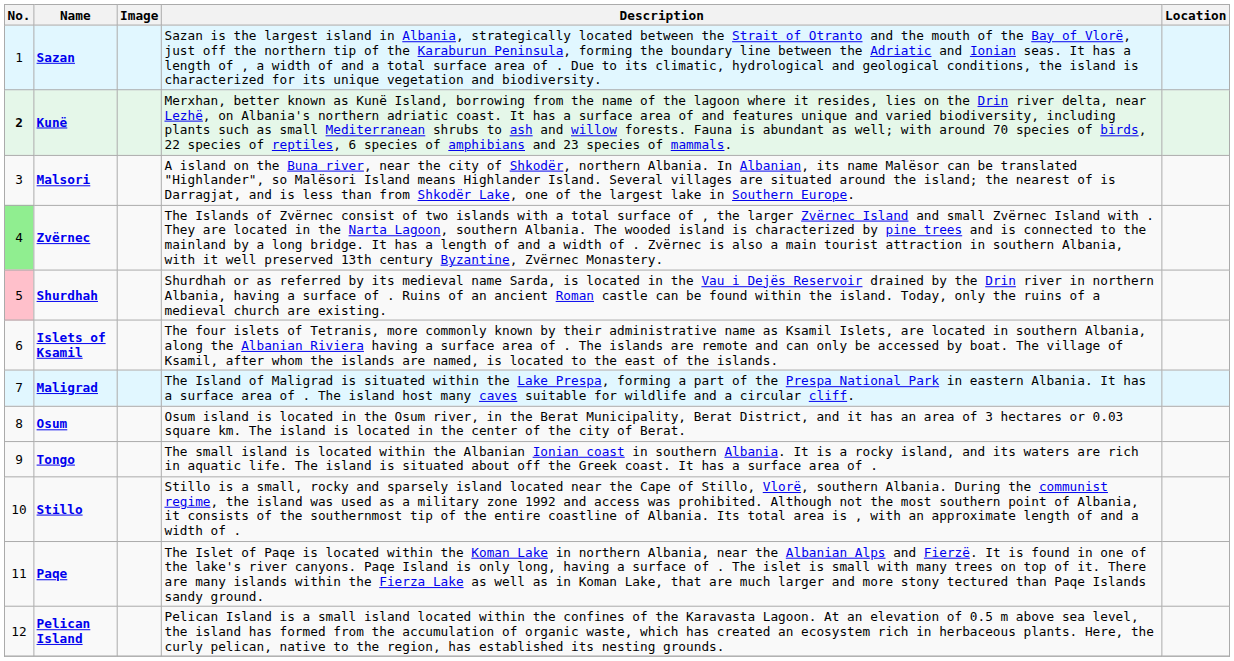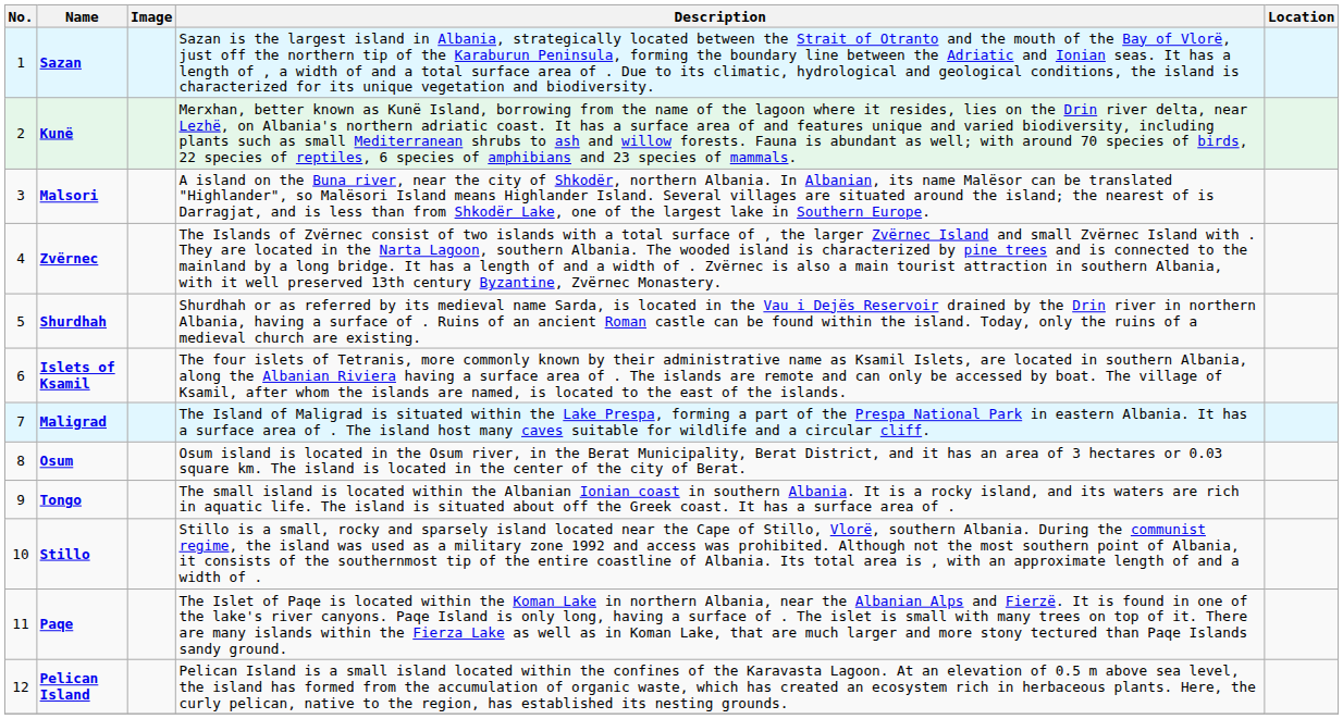 <table class="wikitable sortable">
 <tr>
 <th><strong>No.</strong></th>
 <th><strong>Name</strong></th>
 <th><strong>Image</strong></th>
 <th><strong>Description</strong></th>
 <th><strong>Location</strong></th>
 </tr>
 <tr bgcolor="#e1f7ff">
 <td align="center">1</td>
 <td><strong><a href='#'>Sazan</a></strong></td>
 <td></td>
 <td>Sazan is the largest island in <a href='#'>Albania</a>, strategically located between the <a href='#'>Strait of Otranto</a> and the mouth of the <a href='#'>Bay of Vlorë</a>, just off the northern tip of the <a href='#'>Karaburun Peninsula</a>, forming the boundary line between the <a href='#'>Adriatic</a> and <a href='#'>Ionian</a> seas. It has a length of , a width of  and a total surface area of . Due to its climatic, hydrological and geological conditions, the island is characterized for its unique vegetation and biodiversity.</td>
 <td></td>
 </tr>
 <tr bgcolor=#e5f7e9>
-<td align="center"><strong>2</strong></td>
+<td align="center">2</td>
 <td><strong><a href='#'>Kunë</a></strong></td>
 <td></td>
 <td>Merxhan, better known as Kunë Island, borrowing from the name of the lagoon where it resides, lies on the <a href='#'>Drin</a> river delta, near <a href='#'>Lezhë</a>, on Albania's northern adriatic coast. It has a surface area of  and features unique and varied biodiversity, including plants such as small <a href='#'>Mediterranean</a> shrubs to <a href='#'>ash</a> and <a href='#'>willow</a> forests. Fauna is abundant as well; with around 70 species of <a href='#'>birds</a>, 22 species of <a href='#'>reptiles</a>, 6 species of <a href='#'>amphibians</a> and 23 species of <a href='#'>mammals</a>.</td>
 <td></td>
 </tr>
 <tr>
 <td align="center">3</td>
 <td><strong><a href='#'>Malsori</a></strong></td>
 <td></td>
 <td>A  island on the <a href='#'>Buna river</a>, near the city of <a href='#'>Shkodër</a>, northern Albania. In <a href='#'>Albanian</a>, its name Malësor can be translated "Highlander", so Malësori Island means Highlander Island. Several villages are situated around the island; the nearest of is Darragjat, and is less than  from <a href='#'>Shkodër Lake</a>, one of the largest lake in <a href='#'>Southern Europe</a>.</td>
 <td></td>
 </tr>
 <tr>
-<td align="center" style="background: lightgreen;">4</td>
+<td align="center">4</td>
 <td><strong><a href='#'>Zvërnec</a></strong></td>
 <td></td>
 <td>The Islands of Zvërnec consist of two islands with a total surface of , the larger <a href='#'>Zvërnec Island</a>  and small Zvërnec Island with . They are located in the <a href='#'>Narta Lagoon</a>, southern Albania. The wooded island is characterized by <a href='#'>pine trees</a> and is connected to the mainland by a  long bridge. It has a length of  and a width of . Zvërnec is also a main tourist attraction in southern Albania, with it well preserved 13th century <a href='#'>Byzantine</a>, Zvërnec Monastery.</td>
 <td></td>
 </tr>
 <tr>
-<td align="center" style="background: pink;">5</td>
+<td align="center">5</td>
 <td><strong><a href='#'>Shurdhah</a></strong></td>
 <td></td>
 <td>Shurdhah or as referred by its medieval name Sarda, is located in the <a href='#'>Vau i Dejës Reservoir</a> drained by the <a href='#'>Drin</a> river in northern Albania, having a surface of . Ruins of an ancient <a href='#'>Roman</a> castle can be found within the island. Today, only the ruins of a medieval church are existing.</td>
 <td></td>
 </tr>
 <tr>
 <td align="center">6</td>
 <td><strong><a href='#'>Islets of Ksamil</a></strong></td>
 <td></td>
 <td>The four islets of Tetranis, more commonly known by their administrative name as Ksamil Islets, are located in southern Albania, along the <a href='#'>Albanian Riviera</a> having a surface area of . The islands are remote and can only be accessed by boat. The village of Ksamil, after whom the islands are named, is located to the east of the islands.</td>
 <td></td>
 </tr>
 <tr bgcolor="#e1f7ff">
 <td align="center">7</td>
 <td><strong><a href='#'>Maligrad</a></strong></td>
 <td></td>
 <td>The Island of Maligrad is situated within the <a href='#'>Lake Prespa</a>, forming a part of the <a href='#'>Prespa National Park</a> in eastern Albania. It has a surface area of . The island host many <a href='#'>caves</a> suitable for wildlife and a circular <a href='#'>cliff</a>.</td>
 <td></td>
 </tr>
 <tr>
 <td align="center">8</td>
 <td><strong><a href='#'>Osum</a></strong></td>
 <td></td>
 <td>Osum island is located in the Osum river, in the Berat Municipality, Berat District, and it has an area of 3 hectares or 0.03 square km. The island is located in the center of the city of Berat.</td>
 <td></td>
 </tr>
 <tr>
 <td align="center">9</td>
 <td><strong><a href='#'>Tongo</a></strong></td>
 <td></td>
 <td>The small island is located within the Albanian <a href='#'>Ionian coast</a> in southern <a href='#'>Albania</a>. It is a rocky island, and its waters are rich in aquatic life. The island is situated about  off the Greek coast. It has a surface area of .</td>
 <td></td>
 </tr>
 <tr>
 <td align="center">10</td>
 <td><strong><a href='#'>Stillo</a></strong></td>
 <td></td>
 <td>Stillo is a small, rocky and sparsely island located near the Cape of Stillo, <a href='#'>Vlorë</a>, southern Albania. During the <a href='#'>communist regime</a>, the island was used as a military zone 1992 and access was prohibited. Although not the most southern point of Albania, it consists of the southernmost tip of the entire coastline of Albania. Its total area is , with an approximate length of  and a width of .</td>
 <td></td>
 </tr>
 <tr>
 <td align="center">11</td>
 <td><strong><a href='#'>Paqe</a></strong></td>
 <td></td>
 <td>The Islet of Paqe is located within the <a href='#'>Koman Lake</a> in northern Albania, near the <a href='#'>Albanian Alps</a> and <a href='#'>Fierzë</a>. It is found in one of the lake's river canyons. Paqe Island is only  long, having a surface of . The islet is small with many trees on top of it. There are many islands within the <a href='#'>Fierza Lake</a> as well as in Koman Lake, that are much larger and more stony tectured than Paqe Islands sandy ground.</td>
 <td></td>
 </tr>
 <tr>
 <td align="center">12</td>
 <td><strong><a href='#'>Pelican Island</a></strong></td>
 <td></td>
 <td>Pelican Island is a small island located within the confines of the Karavasta Lagoon. At an elevation of 0.5 m above sea level, the island has formed from the accumulation of organic waste, which has created an ecosystem rich in herbaceous plants. Here, the curly pelican, native to the region, has established its nesting grounds.</td>
 <td></td>
 </tr>
 <tr>
 </tr>
 </table>
